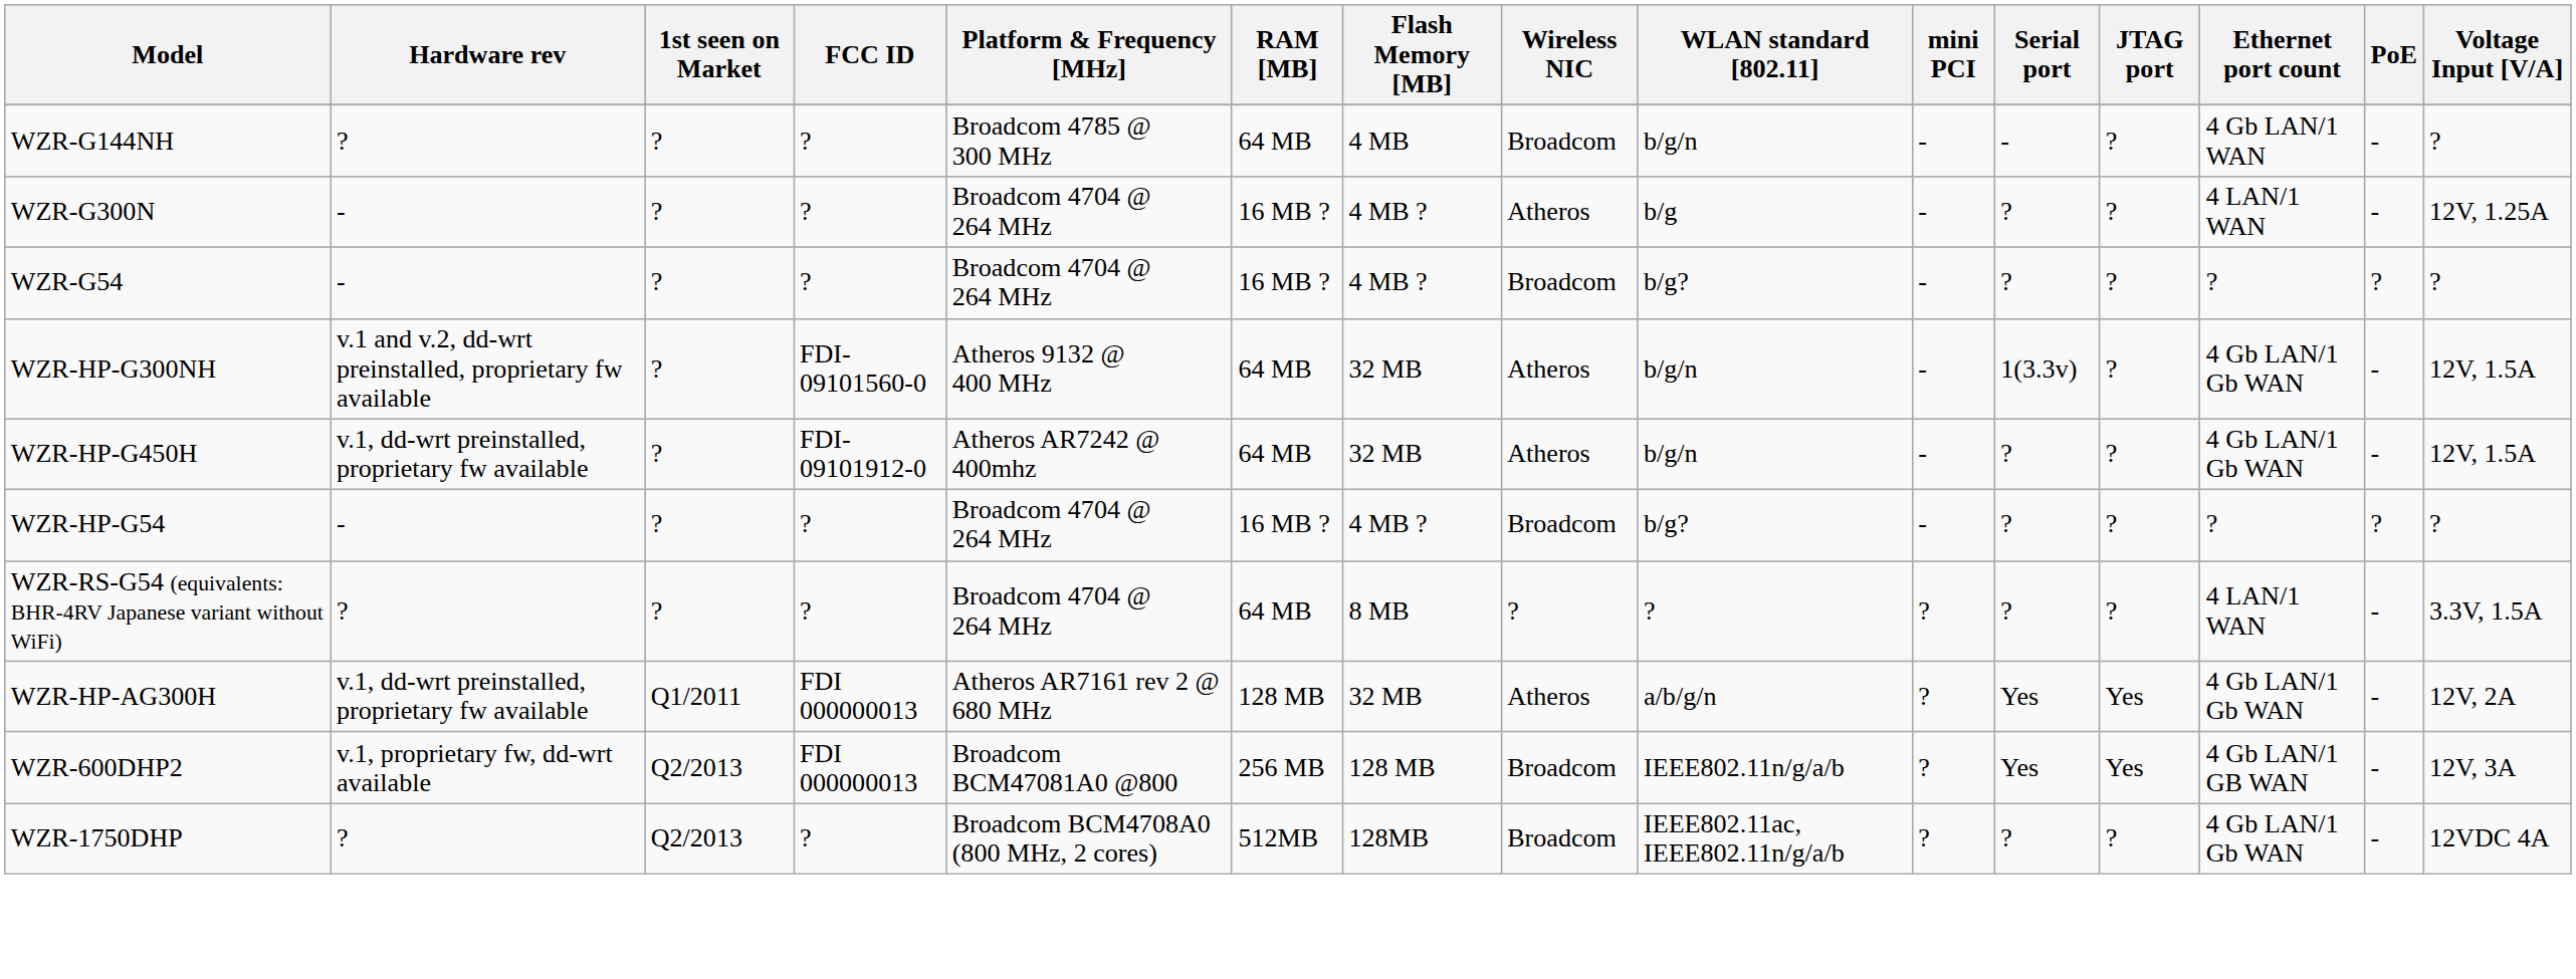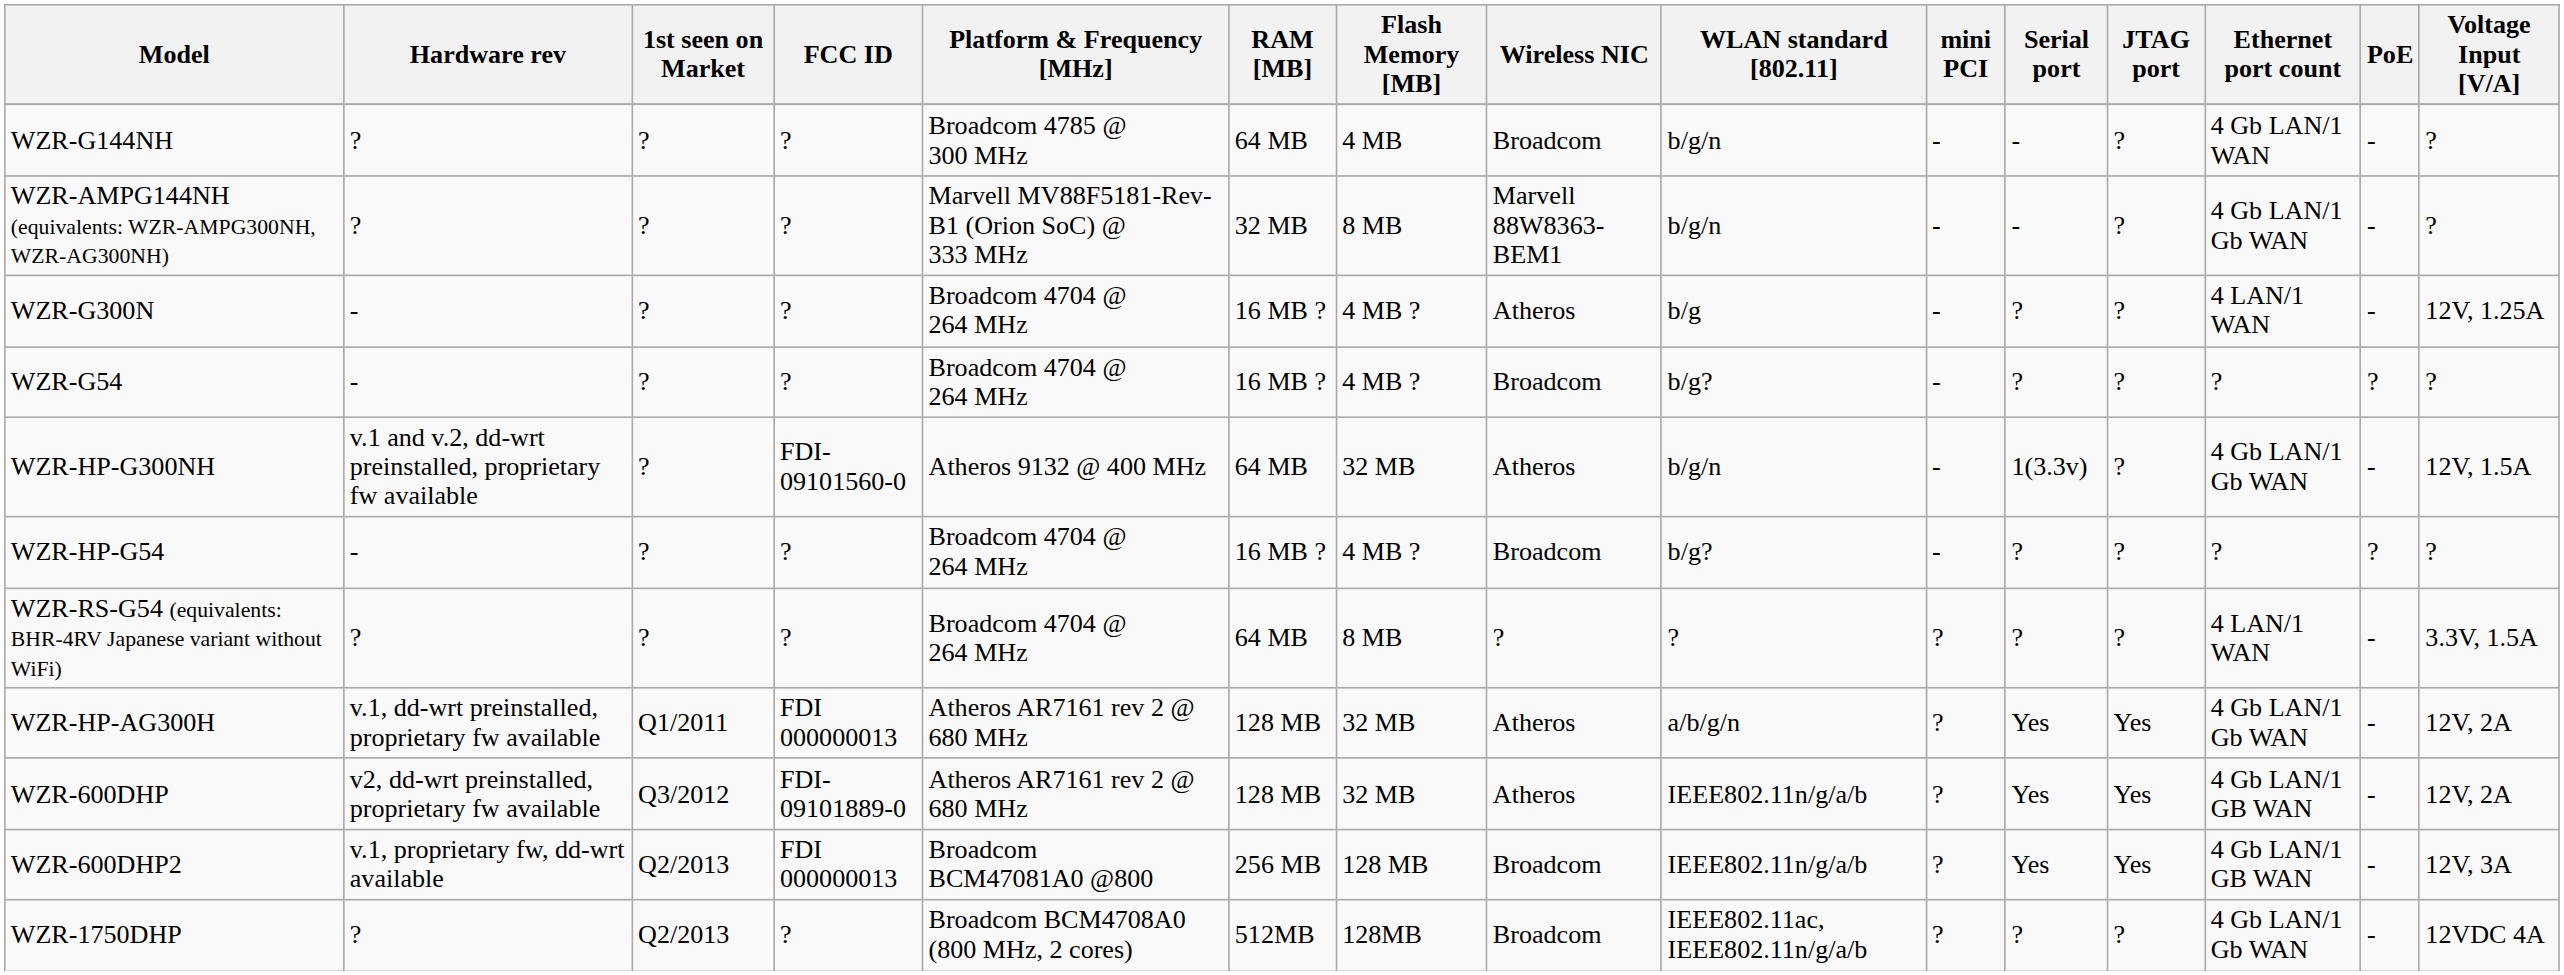 <table class="wikitable sortable">
 <tr>
 <th>Model</th>
 <th>Hardware rev</th>
 <th>1st seen on Market</th>
 <th>FCC ID</th>
 <th>Platform & Frequency [MHz]</th>
 <th>RAM [MB]</th>
 <th>Flash Memory [MB]</th>
 <th>Wireless NIC</th>
 <th>WLAN standard [802.11]</th>
 <th>mini PCI</th>
 <th>Serial port</th>
 <th>JTAG port</th>
 <th>Ethernet port count</th>
 <th>PoE</th>
 <th>Voltage Input [V/A]</th>
 </tr>
 <tr>
 </tr>
 <tr>
 <td>WZR-G144NH</td>
 <td>?</td>
 <td>?</td>
 <td>?</td>
 <td>Broadcom 4785 @ 300 MHz</td>
 <td>64 MB</td>
 <td>4 MB</td>
 <td>Broadcom</td>
 <td>b/g/n</td>
 <td>-</td>
 <td>-</td>
 <td>?</td>
 <td>4 Gb LAN/1 WAN</td>
+<td>-</td>
+<td>?</td>
+</tr>
+<tr>
+<td>WZR-AMPG144NH <small>(equivalents: WZR-AMPG300NH, WZR-AG300NH)</small></td>
+<td>?</td>
+<td>?</td>
+<td>?</td>
+<td>Marvell MV88F5181-Rev-B1 (Orion SoC) @ 333 MHz</td>
+<td>32 MB</td>
+<td>8 MB</td>
+<td>Marvell 88W8363-BEM1</td>
+<td>b/g/n</td>
+<td>-</td>
+<td>-</td>
+<td>?</td>
+<td>4 Gb LAN/1 Gb WAN</td>
 <td>-</td>
 <td>?</td>
 </tr>
 <tr>
 <td>WZR-G300N</td>
 <td>-</td>
 <td>?</td>
 <td>?</td>
 <td>Broadcom 4704 @ 264 MHz</td>
 <td>16 MB ?</td>
 <td>4 MB ?</td>
 <td>Atheros</td>
 <td>b/g</td>
 <td>-</td>
 <td>?</td>
 <td>?</td>
 <td>4 LAN/1 WAN</td>
 <td>-</td>
 <td>12V, 1.25A</td>
 </tr>
 <tr>
 <td>WZR-G54</td>
 <td>-</td>
 <td>?</td>
 <td>?</td>
 <td>Broadcom 4704 @ 264 MHz</td>
 <td>16 MB ?</td>
 <td>4 MB ?</td>
 <td>Broadcom</td>
 <td>b/g?</td>
 <td>-</td>
 <td>?</td>
 <td>?</td>
 <td>?</td>
 <td>?</td>
 <td>?</td>
 </tr>
 <tr>
 <td>WZR-HP-G300NH</td>
 <td>v.1 and v.2, dd-wrt preinstalled, proprietary fw available</td>
 <td>?</td>
 <td>FDI-09101560-0</td>
 <td>Atheros 9132 @ 400 MHz</td>
 <td>64 MB</td>
 <td>32 MB</td>
 <td>Atheros</td>
 <td>b/g/n</td>
 <td>-</td>
 <td>1(3.3v)</td>
-<td>?</td>
-<td>4 Gb LAN/1 Gb WAN</td>
-<td>-</td>
-<td>12V, 1.5A</td>
-</tr>
-<tr>
-<td>WZR-HP-G450H</td>
-<td>v.1, dd-wrt preinstalled, proprietary fw available</td>
-<td>?</td>
-<td>FDI-09101912-0</td>
-<td>Atheros AR7242 @ 400mhz</td>
-<td>64 MB</td>
-<td>32 MB</td>
-<td>Atheros</td>
-<td>b/g/n</td>
-<td>-</td>
-<td>?</td>
 <td>?</td>
 <td>4 Gb LAN/1 Gb WAN</td>
 <td>-</td>
 <td>12V, 1.5A</td>
 </tr>
 <tr>
 <td>WZR-HP-G54</td>
 <td>-</td>
 <td>?</td>
 <td>?</td>
 <td>Broadcom 4704 @ 264 MHz</td>
 <td>16 MB ?</td>
 <td>4 MB ?</td>
 <td>Broadcom</td>
 <td>b/g?</td>
 <td>-</td>
 <td>?</td>
 <td>?</td>
 <td>?</td>
 <td>?</td>
 <td>?</td>
 </tr>
 <tr>
 <td>WZR-RS-G54 <small>(equivalents: BHR-4RV Japanese variant without WiFi)</small></td>
 <td>?</td>
 <td>?</td>
 <td>?</td>
 <td>Broadcom 4704 @ 264 MHz</td>
 <td>64 MB</td>
 <td>8 MB</td>
 <td>?</td>
 <td>?</td>
 <td>?</td>
 <td>?</td>
 <td>?</td>
 <td>4 LAN/1 WAN</td>
 <td>-</td>
 <td>3.3V, 1.5A</td>
 </tr>
 <tr>
 <td>WZR-HP-AG300H</td>
 <td>v.1, dd-wrt preinstalled, proprietary fw available</td>
 <td>Q1/2011</td>
 <td>FDI<br>000000013</td>
 <td>Atheros AR7161 rev 2 @ 680 MHz</td>
 <td>128 MB</td>
 <td>32 MB</td>
 <td>Atheros</td>
 <td>a/b/g/n</td>
 <td>?</td>
 <td>Yes</td>
 <td>Yes</td>
 <td>4 Gb LAN/1 Gb WAN</td>
 <td>-</td>
 <td>12V, 2A</td>
 </tr>
 <tr>
+<td>WZR-600DHP</td>
+<td>v2, dd-wrt preinstalled, proprietary fw available</td>
+<td>Q3/2012</td>
+<td>FDI-09101889-0</td>
+<td>Atheros AR7161 rev 2 @ 680 MHz</td>
+<td>128 MB</td>
+<td>32 MB</td>
+<td>Atheros</td>
+<td>IEEE802.11n/g/a/b</td>
+<td>?</td>
+<td>Yes</td>
+<td>Yes</td>
+<td>4 Gb LAN/1 GB WAN</td>
+<td>-</td>
+<td>12V, 2A</td>
+</tr>
+<tr>
 <td>WZR-600DHP2</td>
 <td>v.1, proprietary fw, dd-wrt available</td>
 <td>Q2/2013</td>
 <td>FDI<br>000000013</td>
 <td>Broadcom<br>BCM47081A0 @800</td>
 <td>256 MB</td>
 <td>128 MB</td>
 <td>Broadcom</td>
 <td>IEEE802.11n/g/a/b</td>
 <td>?</td>
 <td>Yes</td>
 <td>Yes</td>
 <td>4 Gb LAN/1 GB WAN</td>
 <td>-</td>
 <td>12V, 3A</td>
 </tr>
 <tr>
 <td>WZR-1750DHP</td>
 <td>?</td>
 <td>Q2/2013</td>
 <td>?</td>
 <td>Broadcom BCM4708A0 (800 MHz, 2 cores)</td>
 <td>512MB</td>
 <td>128MB</td>
 <td>Broadcom</td>
 <td>IEEE802.11ac, IEEE802.11n/g/a/b</td>
 <td>?</td>
 <td>?</td>
 <td>?</td>
 <td>4 Gb LAN/1 Gb WAN</td>
 <td>-</td>
 <td>12VDC 4A</td>
 </tr>
 </table>
